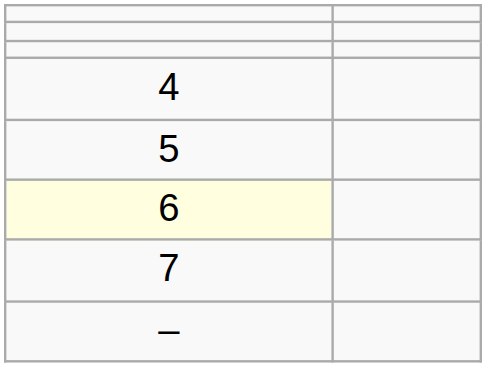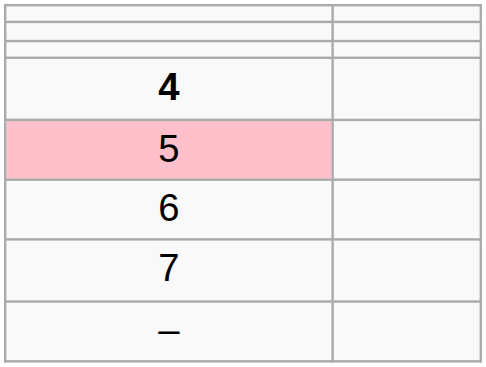 <table class="wikitable" width="200px">
 <tr>
 <td align=center></td>
 <td></td>
 </tr>
 <tr>
 <td align=center></td>
 <td></td>
 </tr>
 <tr>
 <td align=center></td>
 <td></td>
 </tr>
 <tr>
-<td align=center>4</td>
+<td align=center><strong>4</strong></td>
 <td></td>
 </tr>
 <tr>
-<td align=center>5</td>
+<td align=center style="background: pink;">5</td>
 <td></td>
 </tr>
 <tr>
-<td align=center style="background: lightyellow;">6</td>
+<td align=center>6</td>
 <td></td>
 </tr>
 <tr>
 <td align=center>7</td>
 <td></td>
 </tr>
 <tr>
 <td align=center>–</td>
 <td></td>
 </tr>
 </table>
